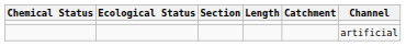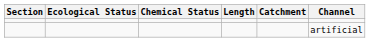 <table class="wikitable">
 <tr>
+<th>Section</th>
+<th>Ecological Status</th>
 <th>Chemical Status</th>
-<th>Ecological Status</th>
-<th>Section</th>
 <th>Length</th>
 <th>Catchment</th>
 <th>Channel</th>
 </tr>
 <tr>
 <td></td>
 <td></td>
 <td></td>
 <td></td>
 <td></td>
 <td></td>
 </tr>
 <tr>
 <td></td>
 <td></td>
 <td></td>
 <td></td>
 <td></td>
 <td>artificial</td>
 </tr>
 </table>
